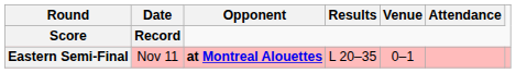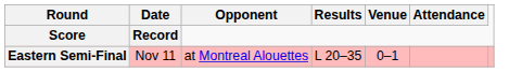 <table class="wikitable" style="text-align:center">
 <tr>
 <th>Round</th>
 <th>Date</th>
 <th>Opponent</th>
 <th>Results</th>
 <th>Venue</th>
 <th>Attendance</th>
 </tr>
 <tr>
 <th>Score</th>
 <th>Record</th>
 </tr>
 <tr style="background:#ffbbbb">
 <th>Eastern Semi-Final</th>
 <td>Nov 11</td>
-<td><strong>at <a href='#'>Montreal Alouettes</a></strong></td>
+<td>at <a href='#'>Montreal Alouettes</a></td>
 <td>L 20–35</td>
 <td>0–1</td>
 <td></td>
 <td></td>
 </tr>
 </table>
